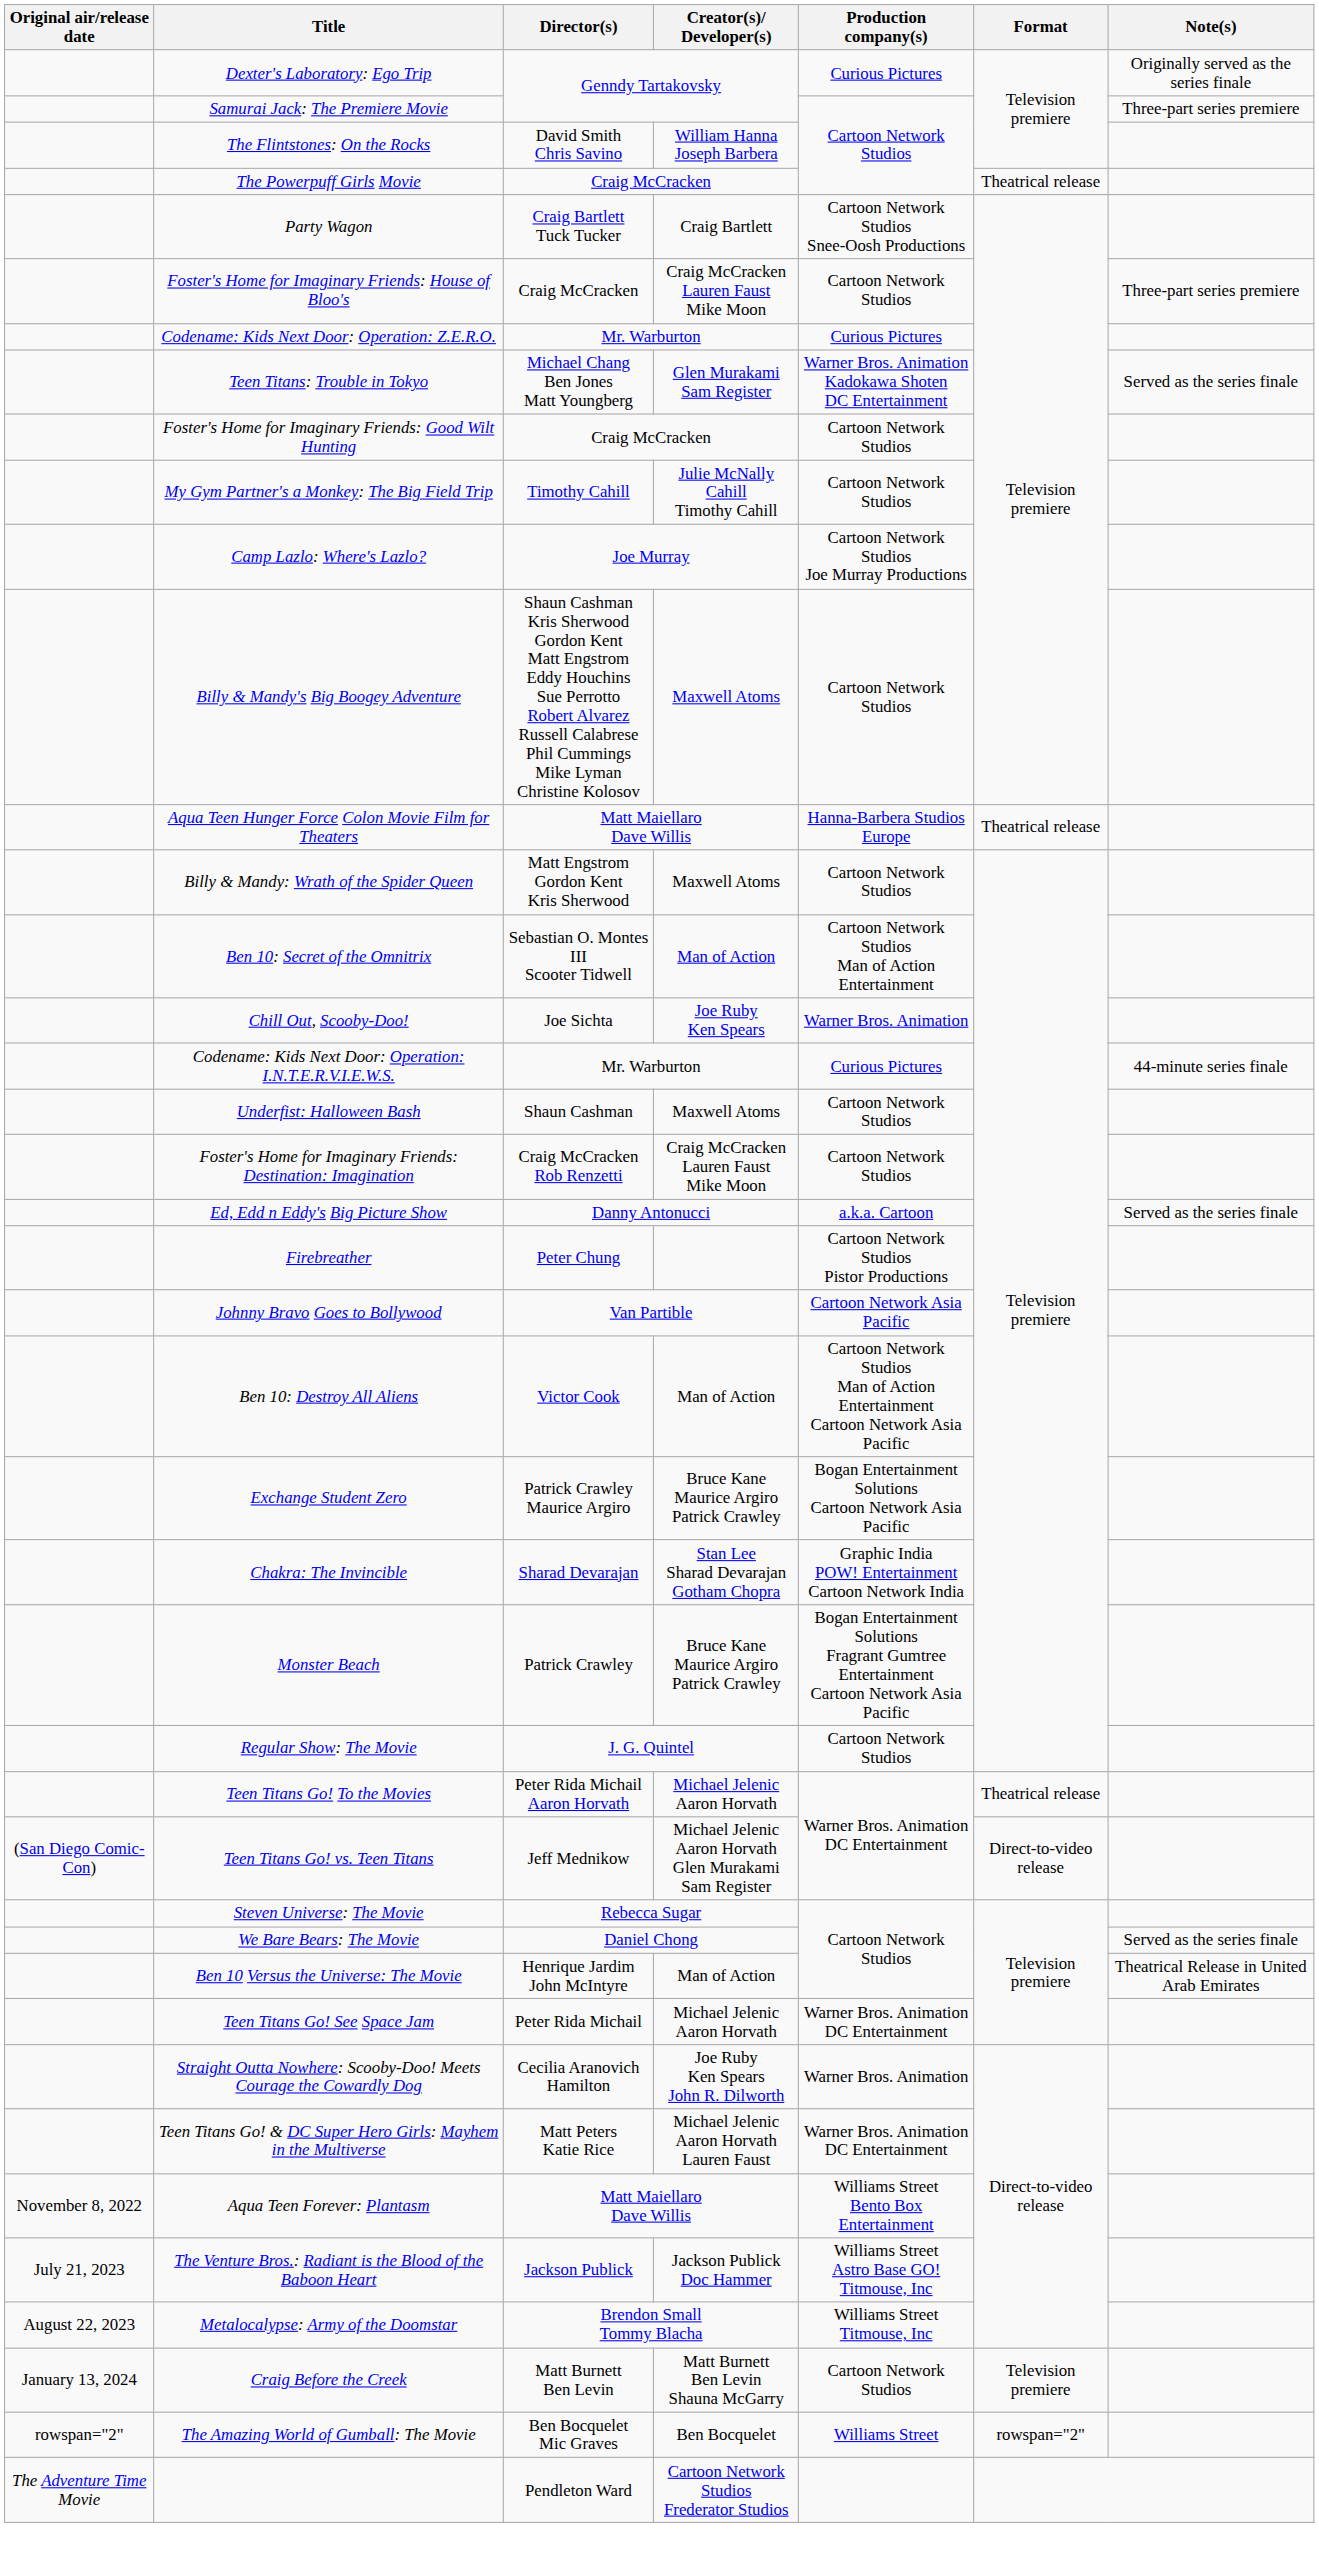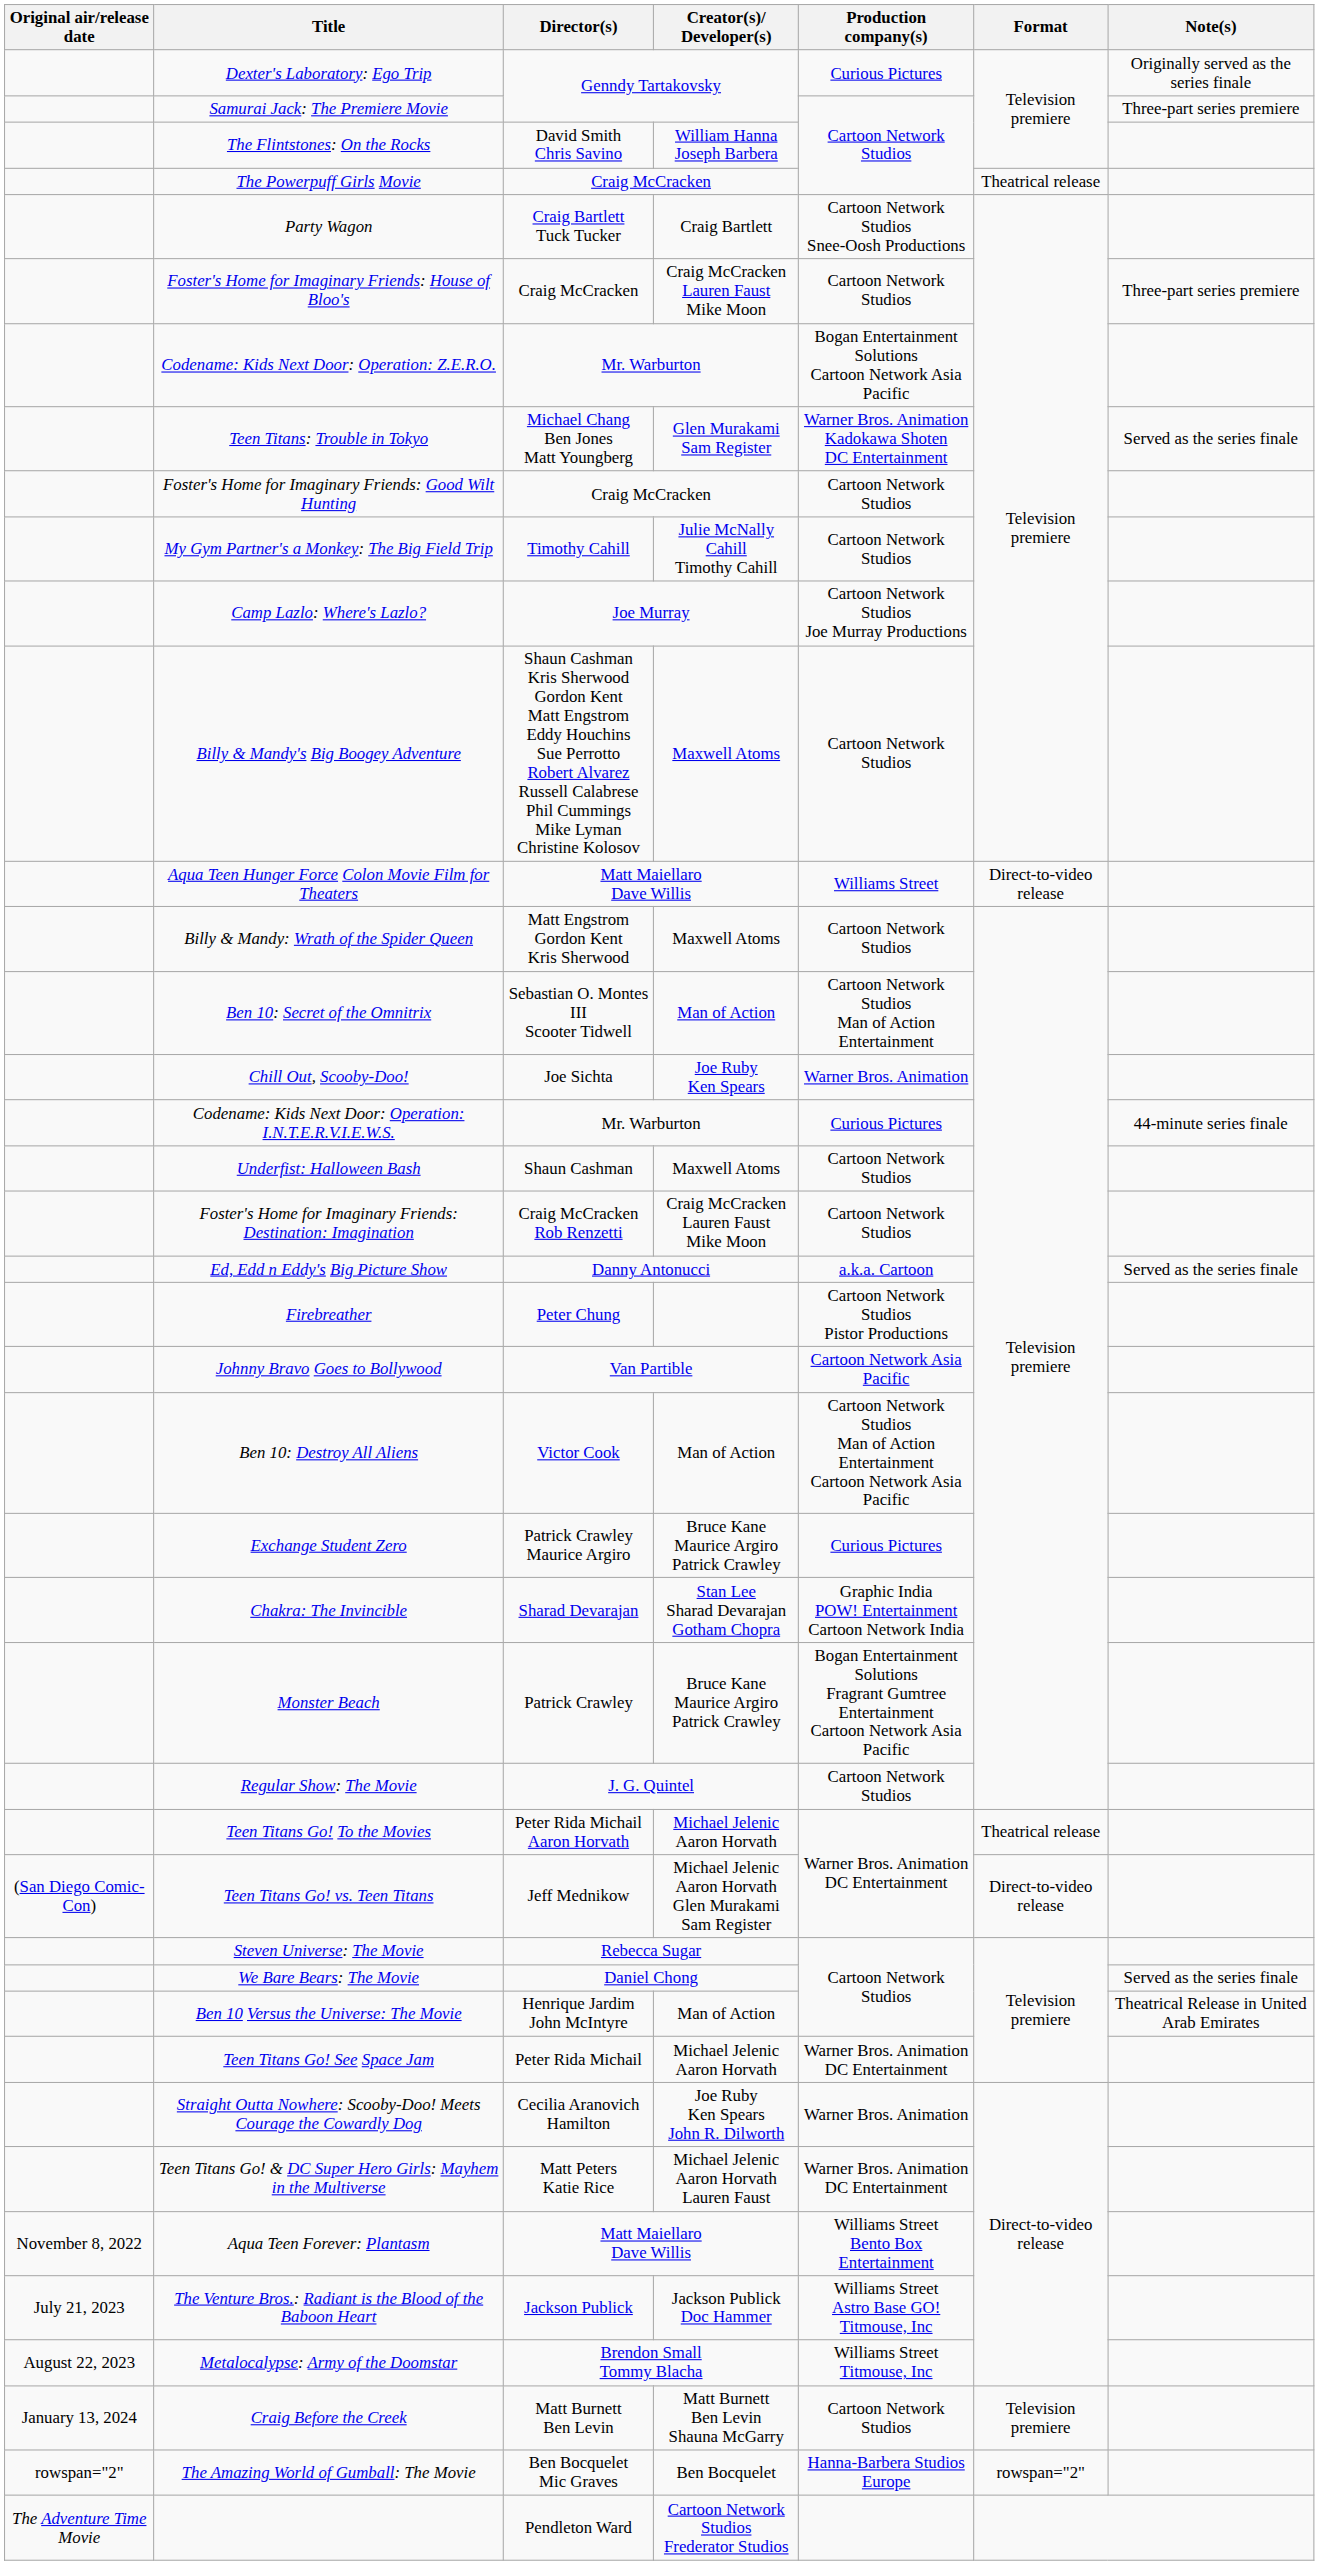 <table class="wikitable sortable" style="text-align: center">
 <tr>
 <th>Original air/release date</th>
 <th>Title</th>
 <th>Director(s)</th>
 <th>Creator(s)/<br>Developer(s)</th>
 <th>Production company(s)</th>
 <th>Format</th>
 <th>Note(s)</th>
 </tr>
 <tr>
 <td></td>
 <td><em><a href='#'>Dexter's Laboratory</a>: <a href='#'>Ego Trip</a></em></td>
 <td colspan=2 rowspan=2><a href='#'>Genndy Tartakovsky</a></td>
 <td><a href='#'>Curious Pictures</a></td>
 <td rowspan=3>Television premiere</td>
 <td>Originally served as the series finale</td>
 </tr>
 <tr>
 <td></td>
 <td><em><a href='#'>Samurai Jack</a>: <a href='#'>The Premiere Movie</a></em></td>
 <td rowspan=3><a href='#'>Cartoon Network Studios</a></td>
 <td>Three-part series premiere</td>
 </tr>
 <tr>
 <td></td>
 <td><em><a href='#'>The Flintstones</a>: <a href='#'>On the Rocks</a></em></td>
 <td>David Smith<br><a href='#'>Chris Savino</a></td>
 <td><a href='#'>William Hanna</a><br><a href='#'>Joseph Barbera</a></td>
 <td></td>
 </tr>
 <tr>
 <td></td>
 <td><em><a href='#'>The Powerpuff Girls</a> <a href='#'>Movie</a></em></td>
 <td colspan=2><a href='#'>Craig McCracken</a></td>
 <td>Theatrical release</td>
 <td></td>
 </tr>
 <tr>
 <td></td>
 <td><em>Party Wagon</em></td>
 <td><a href='#'>Craig Bartlett</a><br>Tuck Tucker</td>
 <td>Craig Bartlett</td>
 <td>Cartoon Network Studios<br>Snee-Oosh Productions</td>
 <td rowspan=8>Television premiere</td>
 <td></td>
 </tr>
 <tr>
 <td></td>
 <td><em><a href='#'>Foster's Home for Imaginary Friends</a>: <a href='#'>House of Bloo's</a></em></td>
 <td>Craig McCracken</td>
 <td>Craig McCracken<br><a href='#'>Lauren Faust</a><br>Mike Moon</td>
 <td>Cartoon Network Studios</td>
 <td>Three-part series premiere</td>
 </tr>
 <tr>
 <td></td>
 <td><em><a href='#'>Codename: Kids Next Door</a>: <a href='#'>Operation: Z.E.R.O.</a></em></td>
 <td colspan=2><a href='#'>Mr. Warburton</a></td>
-<td><a href='#'>Curious Pictures</a></td>
+<td>Bogan Entertainment Solutions<br>Cartoon Network Asia Pacific</td>
 <td></td>
 </tr>
 <tr>
 <td></td>
 <td><em><a href='#'>Teen Titans</a>: <a href='#'>Trouble in Tokyo</a></em></td>
 <td><a href='#'>Michael Chang</a><br>Ben Jones<br>Matt Youngberg</td>
 <td><a href='#'>Glen Murakami</a><br><a href='#'>Sam Register</a></td>
 <td><a href='#'>Warner Bros. Animation</a><br><a href='#'>Kadokawa Shoten</a><br><a href='#'>DC Entertainment</a></td>
 <td>Served as the series finale</td>
 </tr>
 <tr>
 <td></td>
 <td><em>Foster's Home for Imaginary Friends: <a href='#'>Good Wilt Hunting</a></em></td>
 <td colspan=2>Craig McCracken</td>
 <td>Cartoon Network Studios</td>
 <td></td>
 </tr>
 <tr>
 <td></td>
 <td><em><a href='#'>My Gym Partner's a Monkey</a>: <a href='#'>The Big Field Trip</a></em></td>
 <td><a href='#'>Timothy Cahill</a></td>
 <td><a href='#'>Julie McNally Cahill</a><br>Timothy Cahill</td>
 <td>Cartoon Network Studios</td>
 <td></td>
 </tr>
 <tr>
 <td></td>
 <td><em><a href='#'>Camp Lazlo</a>: <a href='#'>Where's Lazlo?</a></em></td>
 <td colspan=2><a href='#'>Joe Murray</a></td>
 <td>Cartoon Network Studios<br>Joe Murray Productions</td>
 <td></td>
 </tr>
 <tr>
 <td></td>
 <td><em><a href='#'>Billy & Mandy's</a> <a href='#'>Big Boogey Adventure</a></em></td>
 <td>Shaun Cashman<br>Kris Sherwood<br>Gordon Kent<br>Matt Engstrom<br>Eddy Houchins<br>Sue Perrotto<br><a href='#'>Robert Alvarez</a><br>Russell Calabrese<br>Phil Cummings<br>Mike Lyman<br>Christine Kolosov</td>
 <td><a href='#'>Maxwell Atoms</a></td>
 <td>Cartoon Network Studios</td>
 <td></td>
 </tr>
 <tr>
 <td></td>
 <td><em><a href='#'>Aqua Teen Hunger Force</a> <a href='#'>Colon Movie Film for Theaters</a></em></td>
 <td colspan="2"><a href='#'>Matt Maiellaro</a><br><a href='#'>Dave Willis</a></td>
-<td><a href='#'>Hanna-Barbera Studios Europe</a></td>
-<td>Theatrical release</td>
+<td><a href='#'>Williams Street</a></td>
+<td>Direct-to-video release</td>
 <td></td>
 </tr>
 <tr>
 <td></td>
 <td><em>Billy & Mandy: <a href='#'>Wrath of the Spider Queen</a></em></td>
 <td>Matt Engstrom<br>Gordon Kent<br>Kris Sherwood</td>
 <td>Maxwell Atoms</td>
 <td>Cartoon Network Studios</td>
 <td rowspan=14>Television premiere</td>
 <td></td>
 </tr>
 <tr>
 <td></td>
 <td><em><a href='#'>Ben 10</a>: <a href='#'>Secret of the Omnitrix</a></em></td>
 <td>Sebastian O. Montes III<br>Scooter Tidwell</td>
 <td><a href='#'>Man of Action</a></td>
 <td>Cartoon Network Studios<br>Man of Action Entertainment</td>
 <td></td>
 </tr>
 <tr>
 <td></td>
 <td><em><a href='#'>Chill Out</a>, <a href='#'>Scooby-Doo!</a></em></td>
 <td>Joe Sichta</td>
 <td><a href='#'>Joe Ruby</a><br><a href='#'>Ken Spears</a></td>
 <td><a href='#'>Warner Bros. Animation</a></td>
 <td></td>
 </tr>
 <tr>
 <td></td>
 <td><em>Codename: Kids Next Door: <a href='#'>Operation: I.N.T.E.R.V.I.E.W.S.</a></em></td>
 <td colspan=2>Mr. Warburton</td>
 <td><a href='#'>Curious Pictures</a></td>
 <td>44-minute series finale</td>
 </tr>
 <tr>
 <td></td>
 <td><em><a href='#'>Underfist: Halloween Bash</a></em></td>
 <td>Shaun Cashman</td>
 <td>Maxwell Atoms</td>
 <td>Cartoon Network Studios</td>
 <td></td>
 </tr>
 <tr>
 <td></td>
 <td><em>Foster's Home for Imaginary Friends: <a href='#'>Destination: Imagination</a></em></td>
 <td>Craig McCracken<br><a href='#'>Rob Renzetti</a></td>
 <td>Craig McCracken<br>Lauren Faust<br>Mike Moon</td>
 <td>Cartoon Network Studios</td>
 <td></td>
 </tr>
 <tr>
 <td></td>
 <td><em><a href='#'>Ed, Edd n Eddy's</a> <a href='#'>Big Picture Show</a></em></td>
 <td colspan=2><a href='#'>Danny Antonucci</a></td>
 <td><a href='#'>a.k.a. Cartoon</a></td>
 <td>Served as the series finale</td>
 </tr>
 <tr>
 <td></td>
 <td><em><a href='#'>Firebreather</a></em></td>
 <td><a href='#'>Peter Chung</a></td>
 <td></td>
 <td>Cartoon Network Studios<br>Pistor Productions</td>
 <td></td>
 </tr>
 <tr>
 <td></td>
 <td><em><a href='#'>Johnny Bravo</a> <a href='#'>Goes to Bollywood</a></em></td>
 <td colspan=2><a href='#'>Van Partible</a></td>
 <td><a href='#'>Cartoon Network Asia Pacific</a></td>
 <td></td>
 </tr>
 <tr>
 <td></td>
 <td><em>Ben 10: <a href='#'>Destroy All Aliens</a></em></td>
 <td><a href='#'>Victor Cook</a></td>
 <td>Man of Action</td>
 <td>Cartoon Network Studios<br>Man of Action Entertainment<br>Cartoon Network Asia Pacific</td>
 <td></td>
 </tr>
 <tr>
 <td></td>
 <td><em><a href='#'>Exchange Student Zero</a></em></td>
 <td>Patrick Crawley<br>Maurice Argiro</td>
 <td>Bruce Kane<br>Maurice Argiro<br>Patrick Crawley</td>
-<td>Bogan Entertainment Solutions<br>Cartoon Network Asia Pacific</td>
+<td><a href='#'>Curious Pictures</a></td>
 <td></td>
 </tr>
 <tr>
 <td></td>
 <td><em><a href='#'>Chakra: The Invincible</a></em></td>
 <td><a href='#'>Sharad Devarajan</a></td>
 <td><a href='#'>Stan Lee</a><br>Sharad Devarajan<br><a href='#'>Gotham Chopra</a></td>
 <td>Graphic India<br><a href='#'>POW! Entertainment</a><br>Cartoon Network India</td>
 <td></td>
 </tr>
 <tr>
 <td></td>
 <td><em><a href='#'>Monster Beach</a></em></td>
 <td>Patrick Crawley</td>
 <td>Bruce Kane<br>Maurice Argiro<br>Patrick Crawley</td>
 <td>Bogan Entertainment Solutions<br>Fragrant Gumtree Entertainment<br>Cartoon Network Asia Pacific</td>
 <td></td>
 </tr>
 <tr>
 <td></td>
 <td><em><a href='#'>Regular Show</a>: <a href='#'>The Movie</a></em></td>
 <td colspan=2><a href='#'>J. G. Quintel</a></td>
 <td>Cartoon Network Studios</td>
 <td></td>
 </tr>
 <tr>
 <td></td>
 <td><em><a href='#'>Teen Titans Go!</a> <a href='#'>To the Movies</a></em></td>
 <td>Peter Rida Michail<br><a href='#'>Aaron Horvath</a></td>
 <td><a href='#'>Michael Jelenic</a><br>Aaron Horvath</td>
 <td rowspan=2>Warner Bros. Animation<br>DC Entertainment</td>
 <td>Theatrical release</td>
 <td></td>
 </tr>
 <tr>
 <td> (<a href='#'>San Diego Comic-Con</a>)<br></td>
 <td><em><a href='#'>Teen Titans Go! vs. Teen Titans</a></em></td>
 <td>Jeff Mednikow</td>
 <td>Michael Jelenic<br>Aaron Horvath<br>Glen Murakami<br>Sam Register</td>
 <td>Direct-to-video release</td>
 <td></td>
 </tr>
 <tr>
 <td></td>
 <td><em><a href='#'>Steven Universe</a>: <a href='#'>The Movie</a></em></td>
 <td colspan=2><a href='#'>Rebecca Sugar</a></td>
 <td rowspan=3>Cartoon Network Studios</td>
 <td rowspan=4>Television premiere</td>
 <td></td>
 </tr>
 <tr>
 <td></td>
 <td><em><a href='#'>We Bare Bears</a>: <a href='#'>The Movie</a></em></td>
 <td colspan=2><a href='#'>Daniel Chong</a></td>
 <td>Served as the series finale</td>
 </tr>
 <tr>
 <td></td>
 <td><em><a href='#'>Ben 10</a> <a href='#'>Versus the Universe: The Movie</a></em></td>
 <td>Henrique Jardim<br>John McIntyre</td>
 <td>Man of Action</td>
 <td>Theatrical Release in United Arab Emirates</td>
 </tr>
 <tr>
 <td></td>
 <td><em><a href='#'>Teen Titans Go! See</a> <a href='#'>Space Jam</a></em></td>
 <td>Peter Rida Michail</td>
 <td>Michael Jelenic<br>Aaron Horvath</td>
 <td>Warner Bros. Animation<br>DC Entertainment</td>
 <td></td>
 </tr>
 <tr>
 <td></td>
 <td><em><a href='#'>Straight Outta Nowhere</a>: Scooby-Doo! Meets <a href='#'>Courage the Cowardly Dog</a></em></td>
 <td>Cecilia Aranovich Hamilton</td>
 <td>Joe Ruby<br>Ken Spears<br><a href='#'>John R. Dilworth</a></td>
 <td>Warner Bros. Animation</td>
 <td rowspan="5">Direct-to-video release</td>
 <td></td>
 </tr>
 <tr>
 <td></td>
 <td><em>Teen Titans Go! & <a href='#'>DC Super Hero Girls</a>: <a href='#'>Mayhem in the Multiverse</a></em></td>
 <td>Matt Peters<br>Katie Rice</td>
 <td>Michael Jelenic<br>Aaron Horvath<br>Lauren Faust</td>
 <td>Warner Bros. Animation<br>DC Entertainment</td>
 <td></td>
 </tr>
 <tr>
 <td>November 8, 2022</td>
 <td><em>Aqua Teen Forever: <a href='#'>Plantasm</a></em></td>
 <td colspan="2"><a href='#'>Matt Maiellaro</a><br><a href='#'>Dave Willis</a></td>
 <td>Williams Street<br><a href='#'>Bento Box Entertainment</a></td>
 <td></td>
 </tr>
 <tr>
 <td>July 21, 2023</td>
 <td><em><a href='#'>The Venture Bros.</a>: <a href='#'>Radiant is the Blood of the Baboon Heart</a></em></td>
 <td><a href='#'>Jackson Publick</a></td>
 <td>Jackson Publick<br><a href='#'>Doc Hammer</a></td>
 <td>Williams Street<br><a href='#'>Astro Base GO!</a><br><a href='#'>Titmouse, Inc</a></td>
 <td></td>
 </tr>
 <tr>
 <td>August 22, 2023</td>
 <td><em><a href='#'>Metalocalypse</a>: <a href='#'>Army of the Doomstar</a></em></td>
 <td colspan="2"><a href='#'>Brendon Small</a><br><a href='#'>Tommy Blacha</a></td>
 <td>Williams Street<br><a href='#'>Titmouse, Inc</a></td>
 <td></td>
 </tr>
 <tr>
 <td>January 13, 2024</td>
 <td><em><a href='#'>Craig Before the Creek</a></em></td>
 <td>Matt Burnett<br>Ben Levin</td>
 <td>Matt Burnett<br>Ben Levin<br>Shauna McGarry</td>
 <td>Cartoon Network Studios</td>
 <td>Television premiere</td>
 <td></td>
 </tr>
 <tr>
 <td>rowspan="2" </td>
 <td><em><a href='#'>The Amazing World of Gumball</a>: The Movie</em></td>
 <td>Ben Bocquelet<br>Mic Graves</td>
 <td>Ben Bocquelet</td>
-<td><a href='#'>Williams Street</a></td>
+<td><a href='#'>Hanna-Barbera Studios Europe</a></td>
 <td>rowspan="2" </td>
 <td></td>
 </tr>
 <tr>
 <td><em>The <a href='#'>Adventure Time</a> Movie</em></td>
 <td></td>
 <td>Pendleton Ward</td>
 <td><a href='#'>Cartoon Network Studios</a><br><a href='#'>Frederator Studios</a></td>
 <td></td>
 </tr>
 </table>
